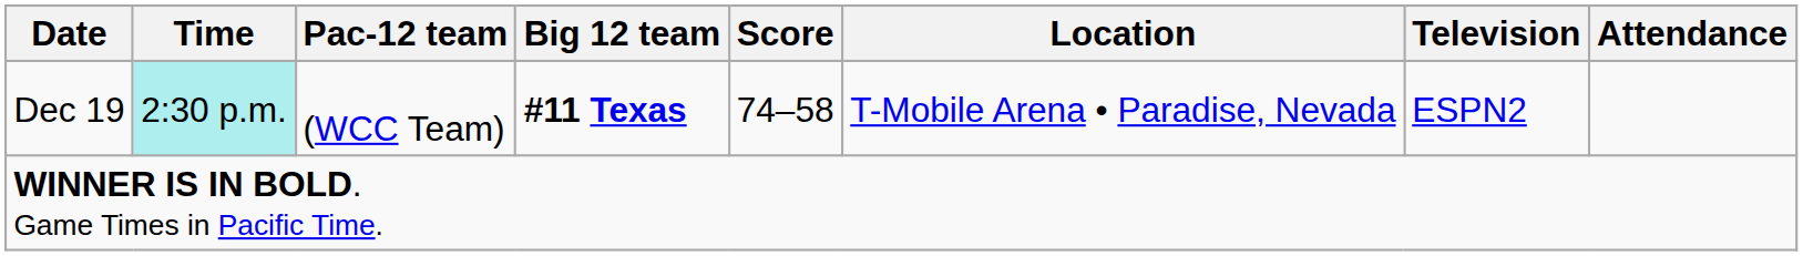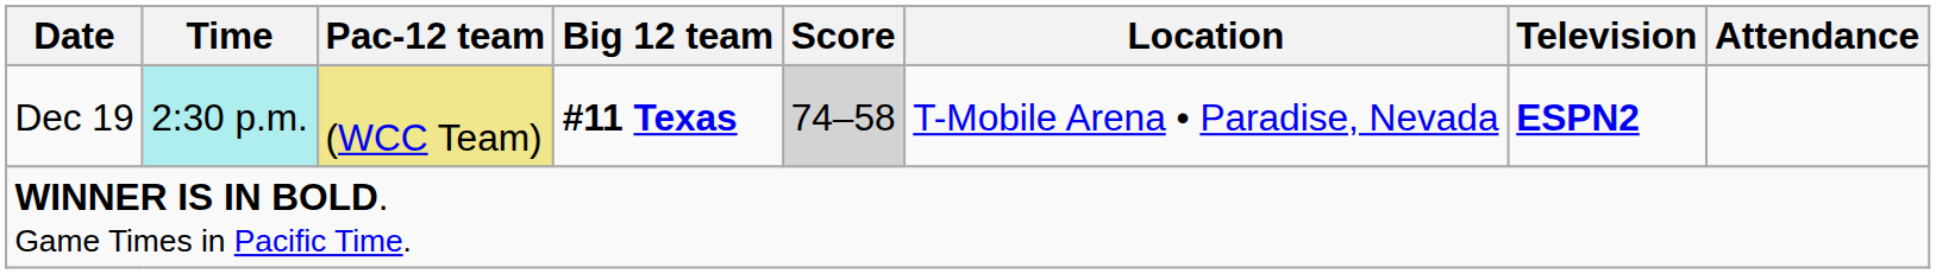 <table class="wikitable" style="font-size: 95%">
 <tr>
 <th>Date</th>
 <th>Time</th>
 <th>Pac-12 team</th>
 <th>Big 12 team</th>
 <th>Score</th>
 <th>Location</th>
 <th>Television</th>
 <th>Attendance</th>
 </tr>
 <tr>
 <td>Dec 19</td>
 <td style="background: paleturquoise;">2:30 p.m.</td>
-<td><br>(<a href='#'>WCC</a> Team)</td>
+<td style="background: khaki;"><br>(<a href='#'>WCC</a> Team)</td>
 <td><strong>#11 <a href='#'>Texas</a></strong></td>
-<td>74–58</td>
+<td style="background: lightgrey;">74–58</td>
 <td><a href='#'>T-Mobile Arena</a> • <a href='#'>Paradise, Nevada</a></td>
-<td><a href='#'>ESPN2</a></td>
+<td><strong><a href='#'>ESPN2</a></strong></td>
 <td></td>
 </tr>
 <tr>
 <td colspan=8><strong>WINNER IS IN BOLD</strong>.<br><small>Game Times in <a href='#'>Pacific Time</a>.</small></td>
 </tr>
 </table>
